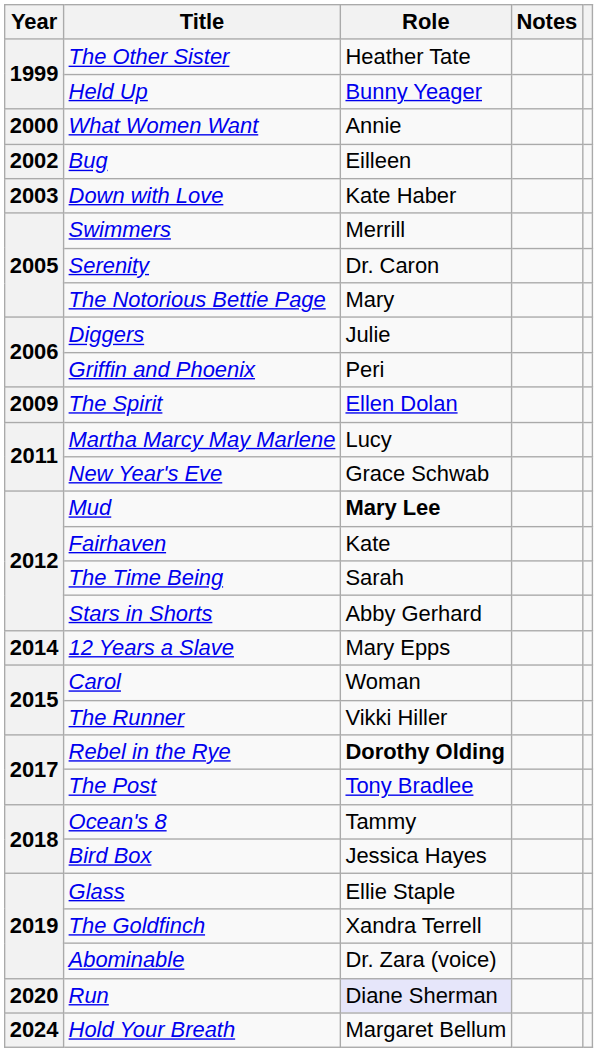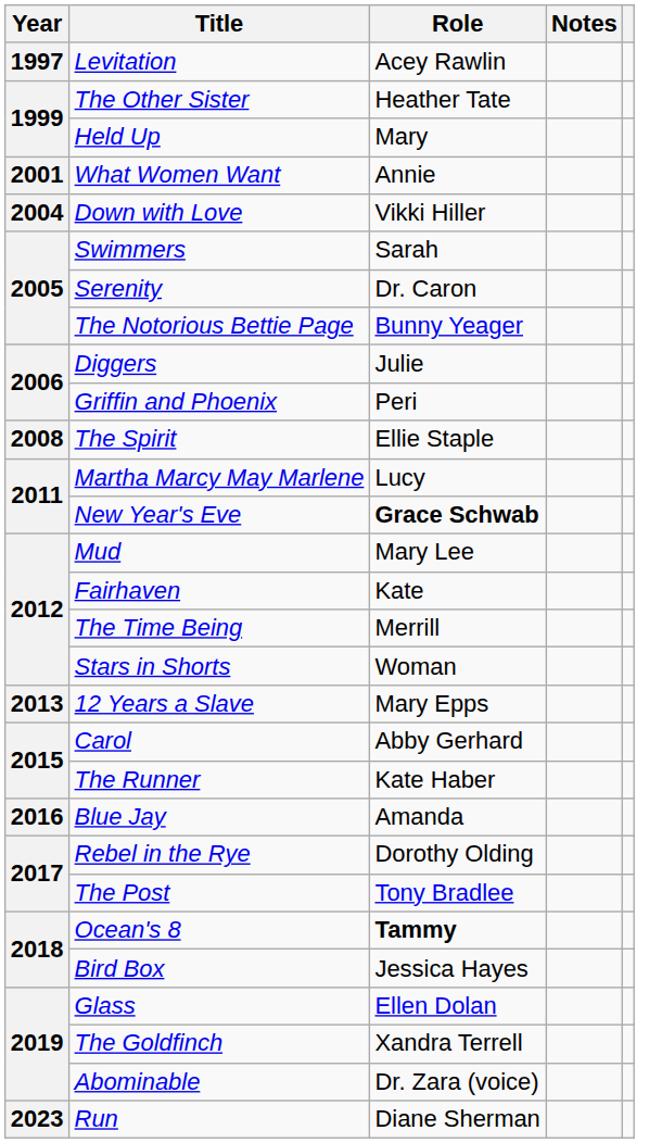 <table class="wikitable plainrowheaders sortable" style="margin-right: 0;">
 <tr>
 <th scope="col">Year</th>
 <th scope="col">Title</th>
 <th scope="col">Role</th>
 <th scope="col" class="unsortable">Notes</th>
 <th scope="col" class="unsortable"></th>
+</tr>
+<tr>
+<th scope="row">1997</th>
+<td><em><a href='#'>Levitation</a></em></td>
+<td>Acey Rawlin</td>
+<td></td>
+<td></td>
 </tr>
 <tr>
 <th rowspan="2" scope="row">1999</th>
 <td data-sort-value="Other Sister, The"><em><a href='#'>The Other Sister</a></em></td>
 <td>Heather Tate</td>
 <td></td>
 <td></td>
 </tr>
 <tr>
 <td><em><a href='#'>Held Up</a></em></td>
-<td><a href='#'>Bunny Yeager</a></td>
+<td>Mary</td>
 <td></td>
 <td></td>
 </tr>
 <tr>
-<th scope="row">2000</th>
+<th scope="row">2001</th>
 <td><em><a href='#'>What Women Want</a></em></td>
 <td>Annie</td>
 <td></td>
 <td></td>
 </tr>
 <tr>
-<th scope="row">2002</th>
-<td><em><a href='#'>Bug</a></em></td>
-<td>Eilleen</td>
-<td></td>
-<td></td>
-</tr>
-<tr>
-<th scope="row">2003</th>
+<th scope="row">2004</th>
 <td><em><a href='#'>Down with Love</a></em></td>
-<td>Kate Haber</td>
+<td>Vikki Hiller</td>
 <td></td>
 <td></td>
 </tr>
 <tr>
 <th rowspan="3" scope="row">2005</th>
 <td><em><a href='#'>Swimmers</a></em></td>
-<td>Merrill</td>
+<td>Sarah</td>
 <td></td>
 <td></td>
 </tr>
 <tr>
 <td><em><a href='#'>Serenity</a></em></td>
 <td>Dr. Caron</td>
 <td></td>
 <td></td>
 </tr>
 <tr>
 <td data-sort-value="Notorious Bettie Page, The"><em><a href='#'>The Notorious Bettie Page</a></em></td>
-<td>Mary</td>
+<td><a href='#'>Bunny Yeager</a></td>
 <td></td>
 <td></td>
 </tr>
 <tr>
 <th rowspan="2" scope="row">2006</th>
 <td><em><a href='#'>Diggers</a></em></td>
 <td>Julie</td>
 <td></td>
 <td></td>
 </tr>
 <tr>
 <td><em><a href='#'>Griffin and Phoenix</a></em></td>
 <td>Peri</td>
 <td></td>
 <td></td>
 </tr>
 <tr>
-<th scope="row">2009</th>
+<th scope="row">2008</th>
 <td data-sort-value="Spirit, The"><em><a href='#'>The Spirit</a></em></td>
-<td><a href='#'>Ellen Dolan</a></td>
+<td>Ellie Staple</td>
 <td></td>
 <td></td>
 </tr>
 <tr>
 <th rowspan="2" scope="row">2011</th>
 <td><em><a href='#'>Martha Marcy May Marlene</a></em></td>
 <td>Lucy</td>
 <td></td>
 <td></td>
 </tr>
 <tr>
 <td><em><a href='#'>New Year's Eve</a></em></td>
-<td>Grace Schwab</td>
+<td><strong>Grace Schwab</strong></td>
 <td></td>
 <td></td>
 </tr>
 <tr>
 <th rowspan="4" scope="row">2012</th>
 <td><em><a href='#'>Mud</a></em></td>
-<td><strong>Mary Lee</strong></td>
+<td>Mary Lee</td>
 <td></td>
 <td></td>
 </tr>
 <tr>
 <td><em><a href='#'>Fairhaven</a></em></td>
 <td>Kate</td>
 <td></td>
 <td></td>
 </tr>
 <tr>
 <td data-sort-value="Time Being, The"><em><a href='#'>The Time Being</a></em></td>
-<td>Sarah</td>
+<td>Merrill</td>
 <td></td>
 <td></td>
 </tr>
 <tr>
 <td><em><a href='#'>Stars in Shorts</a></em></td>
-<td>Abby Gerhard</td>
+<td>Woman</td>
 <td></td>
 <td></td>
 </tr>
 <tr>
-<th scope="row">2014</th>
+<th scope="row">2013</th>
 <td><em><a href='#'>12 Years a Slave</a></em></td>
 <td>Mary Epps</td>
 <td></td>
 <td></td>
 </tr>
 <tr>
 <th rowspan="2" scope="row">2015</th>
 <td><em><a href='#'>Carol</a></em></td>
-<td>Woman</td>
+<td>Abby Gerhard</td>
 <td></td>
 <td></td>
 </tr>
 <tr>
 <td data-sort-value="Runner, The"><em><a href='#'>The Runner</a></em></td>
-<td>Vikki Hiller</td>
+<td>Kate Haber</td>
+<td></td>
+<td></td>
+</tr>
+<tr>
+<th scope="row">2016</th>
+<td><em><a href='#'>Blue Jay</a></em></td>
+<td>Amanda</td>
 <td></td>
 <td></td>
 </tr>
 <tr>
 <th rowspan="2" scope="row">2017</th>
 <td><em><a href='#'>Rebel in the Rye</a></em></td>
-<td><strong>Dorothy Olding</strong></td>
+<td>Dorothy Olding</td>
 <td></td>
 <td></td>
 </tr>
 <tr>
 <td data-sort-value="Post, The"><em><a href='#'>The Post</a></em></td>
 <td><a href='#'>Tony Bradlee</a></td>
 <td></td>
 <td></td>
 </tr>
 <tr>
 <th rowspan="2" scope="row">2018</th>
 <td><em><a href='#'>Ocean's 8</a></em></td>
-<td>Tammy</td>
+<td><strong>Tammy</strong></td>
 <td></td>
 <td></td>
 </tr>
 <tr>
 <td><em><a href='#'>Bird Box</a></em></td>
 <td>Jessica Hayes</td>
 <td></td>
 <td></td>
 </tr>
 <tr>
 <th rowspan="3" scope="row">2019</th>
 <td><em><a href='#'>Glass</a></em></td>
-<td>Ellie Staple</td>
+<td><a href='#'>Ellen Dolan</a></td>
 <td></td>
 <td></td>
 </tr>
 <tr>
 <td data-sort-value="Goldfinch, The"><em><a href='#'>The Goldfinch</a></em></td>
 <td>Xandra Terrell</td>
 <td></td>
 <td></td>
 </tr>
 <tr>
 <td><em><a href='#'>Abominable</a></em></td>
 <td>Dr. Zara (voice)</td>
 <td></td>
 <td></td>
 </tr>
 <tr>
-<th scope="row">2020</th>
+<th scope="row">2023</th>
 <td><em><a href='#'>Run</a></em></td>
-<td style="background: lavender;">Diane Sherman</td>
-<td></td>
-<td></td>
-</tr>
-<tr>
-<th scope="row">2024</th>
-<td><em><a href='#'>Hold Your Breath</a></em></td>
-<td>Margaret Bellum</td>
+<td>Diane Sherman</td>
 <td></td>
 <td></td>
 </tr>
 </table>
